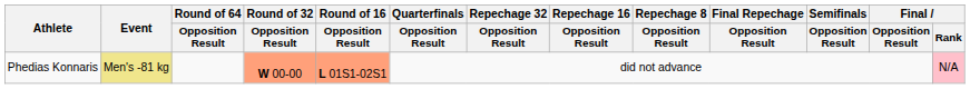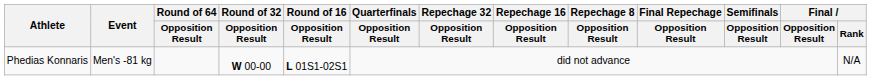 <table class="wikitable" style="font-size:90%">
 <tr>
 <th rowspan="2">Athlete</th>
 <th rowspan="2">Event</th>
 <th>Round of 64</th>
 <th>Round of 32</th>
 <th>Round of 16</th>
 <th>Quarterfinals</th>
 <th>Repechage 32</th>
 <th>Repechage 16</th>
 <th>Repechage 8</th>
 <th>Final Repechage</th>
 <th>Semifinals</th>
 <th colspan=2>Final / </th>
 </tr>
 <tr style="font-size:95%">
 <th>Opposition<br>Result</th>
 <th>Opposition<br>Result</th>
 <th>Opposition<br>Result</th>
 <th>Opposition<br>Result</th>
 <th>Opposition<br>Result</th>
 <th>Opposition<br>Result</th>
 <th>Opposition<br>Result</th>
 <th>Opposition<br>Result</th>
 <th>Opposition<br>Result</th>
 <th>Opposition<br>Result</th>
 <th>Rank</th>
 </tr>
 <tr align=center>
 <td align=left>Phedias Konnaris</td>
-<td align=left style="background: khaki;">Men's -81 kg</td>
+<td align=left>Men's -81 kg</td>
 <td></td>
-<td style="background: lightsalmon;"><br><strong>W</strong> 00-00</td>
-<td style="background: lightsalmon;"><br><strong>L</strong> 01S1-02S1</td>
+<td><br><strong>W</strong> 00-00</td>
+<td><br><strong>L</strong> 01S1-02S1</td>
 <td colspan=7>did not advance</td>
-<td style="background: pink;">N/A</td>
+<td>N/A</td>
 </tr>
 </table>
